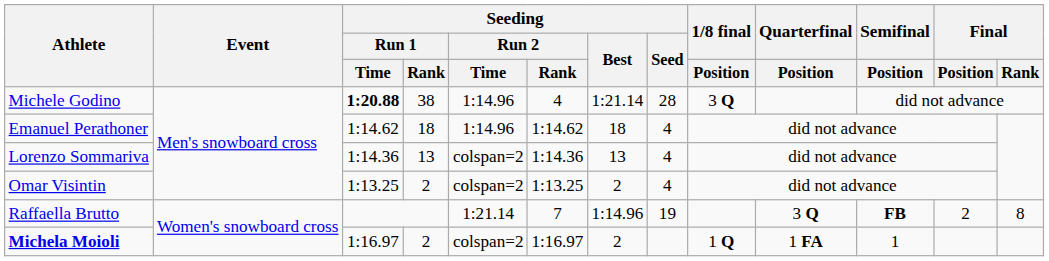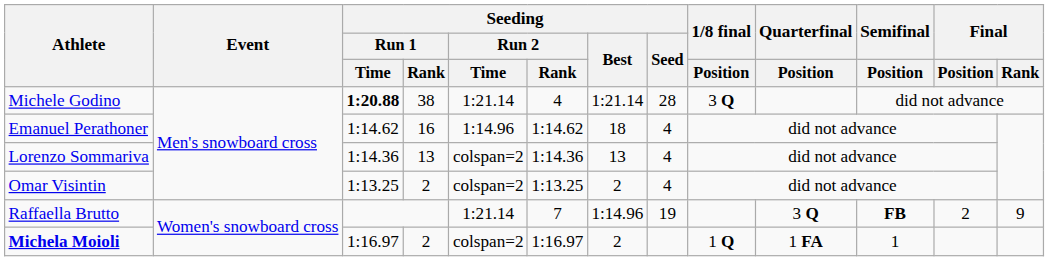 <table class=wikitable style=font-size:90%>
 <tr>
 <th rowspan=3>Athlete</th>
 <th rowspan=3>Event</th>
 <th colspan=6>Seeding</th>
 <th rowspan=2>1/8 final</th>
 <th rowspan=2>Quarterfinal</th>
 <th rowspan=2>Semifinal</th>
 <th rowspan=2 colspan=2>Final</th>
 </tr>
 <tr style=font-size:95%>
 <th colspan=2>Run 1</th>
 <th colspan=2>Run 2</th>
 <th rowspan=2>Best</th>
 <th rowspan=2>Seed</th>
 </tr>
 <tr style=font-size:95%>
 <th>Time</th>
 <th>Rank</th>
 <th>Time</th>
 <th>Rank</th>
 <th>Position</th>
 <th>Position</th>
 <th>Position</th>
 <th>Position</th>
 <th>Rank</th>
 </tr>
 <tr align=center>
 <td align=left><a href='#'>Michele Godino</a></td>
 <td align=left rowspan=4><a href='#'>Men's snowboard cross</a></td>
 <td><strong>1:20.88</strong></td>
 <td>38</td>
-<td>1:14.96</td>
+<td>1:21.14</td>
 <td>4</td>
 <td>1:21.14</td>
 <td>28</td>
 <td>3 <strong>Q</strong></td>
 <td></td>
 <td colspan=3>did not advance</td>
 </tr>
 <tr align=center>
 <td align=left><a href='#'>Emanuel Perathoner</a></td>
 <td>1:14.62</td>
-<td>18</td>
+<td>16</td>
 <td>1:14.96</td>
 <td>1:14.62</td>
 <td>18</td>
 <td>4</td>
 <td colspan=4>did not advance</td>
 </tr>
 <tr align=center>
 <td align=left><a href='#'>Lorenzo Sommariva</a></td>
 <td>1:14.36</td>
 <td>13</td>
 <td>colspan=2 </td>
 <td>1:14.36</td>
 <td>13</td>
 <td>4</td>
 <td colspan=4>did not advance</td>
 </tr>
 <tr align=center>
 <td align=left><a href='#'>Omar Visintin</a></td>
 <td>1:13.25</td>
 <td>2</td>
 <td>colspan=2 </td>
 <td>1:13.25</td>
 <td>2</td>
 <td>4</td>
 <td colspan=4>did not advance</td>
 </tr>
 <tr align=center>
 <td align=left><a href='#'>Raffaella Brutto</a></td>
 <td align=left rowspan=4><a href='#'>Women's snowboard cross</a></td>
 <td colspan=2></td>
 <td>1:21.14</td>
 <td>7</td>
 <td>1:14.96</td>
 <td>19</td>
 <td></td>
 <td>3 <strong>Q</strong></td>
 <td> <strong>FB</strong></td>
 <td>2</td>
-<td>8</td>
+<td>9</td>
 </tr>
 <tr align=center>
 <td align=left><strong><a href='#'>Michela Moioli</a></strong></td>
 <td>1:16.97</td>
 <td>2</td>
 <td>colspan=2 </td>
 <td>1:16.97</td>
 <td>2</td>
 <td></td>
 <td>1 <strong>Q</strong></td>
 <td>1 <strong>FA</strong></td>
 <td>1</td>
 <td></td>
 </tr>
 </table>
